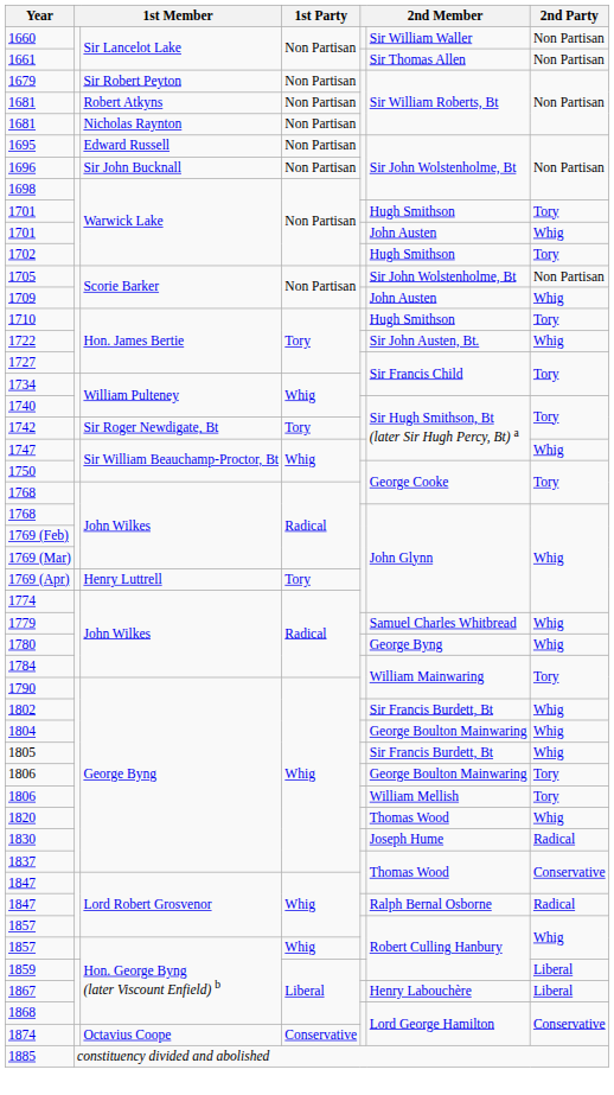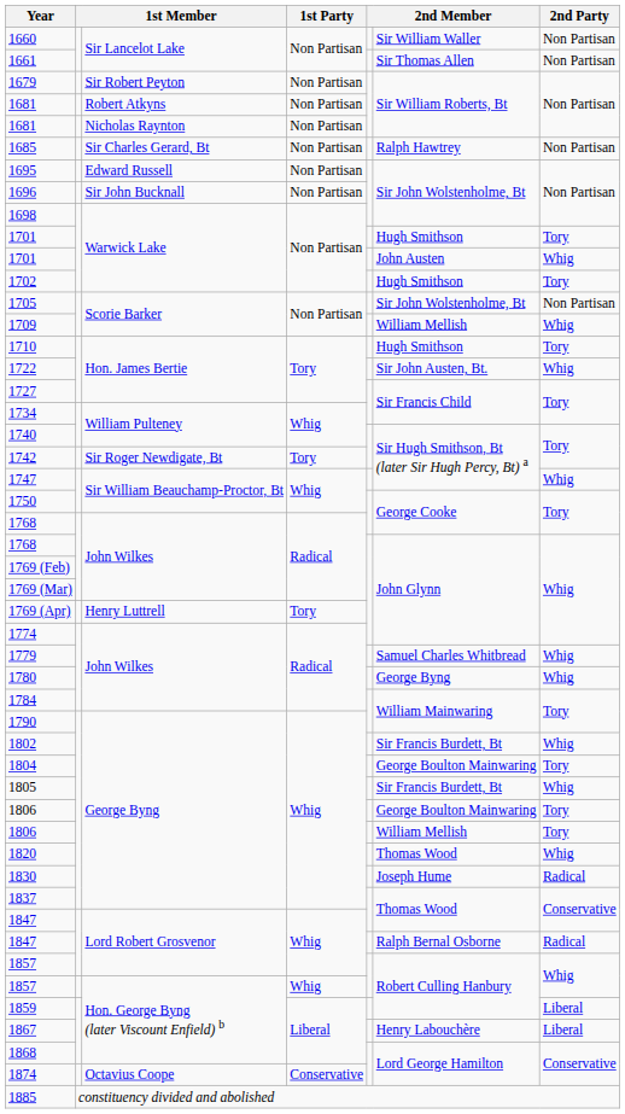 <table class="wikitable">
 <tr>
 <th>Year</th>
 <th colspan="2">1st Member</th>
 <th>1st Party</th>
 <th colspan="2">2nd Member</th>
 <th>2nd Party</th>
 </tr>
 <tr>
 <td><a href='#'>1660</a></td>
 <td rowspan="2" style="color:inherit;background-color: "></td>
 <td rowspan="2"><a href='#'>Sir Lancelot Lake</a></td>
 <td rowspan="2">Non Partisan</td>
 <td style="color:inherit;background-color: "></td>
 <td><a href='#'>Sir William Waller</a></td>
 <td>Non Partisan</td>
 </tr>
 <tr>
 <td><a href='#'>1661</a></td>
 <td style="color:inherit;background-color: "></td>
 <td><a href='#'>Sir Thomas Allen</a></td>
 <td>Non Partisan</td>
 </tr>
 <tr>
 <td><a href='#'>1679</a></td>
 <td style="color:inherit;background-color: "></td>
 <td><a href='#'>Sir Robert Peyton</a></td>
 <td>Non Partisan</td>
 <td rowspan="3" style="color:inherit;background-color: "></td>
 <td rowspan="3"><a href='#'>Sir William Roberts, Bt</a></td>
 <td rowspan="3">Non Partisan</td>
 </tr>
 <tr>
 <td><a href='#'>1681</a></td>
 <td style="color:inherit;background-color: "></td>
 <td><a href='#'>Robert Atkyns</a></td>
 <td>Non Partisan</td>
 </tr>
 <tr>
 <td><a href='#'>1681</a></td>
 <td style="color:inherit;background-color: "></td>
 <td><a href='#'>Nicholas Raynton</a></td>
+<td>Non Partisan</td>
+</tr>
+<tr>
+<td><a href='#'>1685</a></td>
+<td style="color:inherit;background-color: "></td>
+<td><a href='#'>Sir Charles Gerard, Bt</a></td>
+<td>Non Partisan</td>
+<td style="color:inherit;background-color: "></td>
+<td><a href='#'>Ralph Hawtrey</a></td>
 <td>Non Partisan</td>
 </tr>
 <tr>
 <td><a href='#'>1695</a></td>
 <td style="color:inherit;background-color: "></td>
 <td><a href='#'>Edward Russell</a></td>
 <td>Non Partisan</td>
 <td rowspan="3" style="color:inherit;background-color: "></td>
 <td rowspan="3"><a href='#'>Sir John Wolstenholme, Bt</a></td>
 <td rowspan="3">Non Partisan</td>
 </tr>
 <tr>
 <td><a href='#'>1696</a></td>
 <td style="color:inherit;background-color: "></td>
 <td><a href='#'>Sir John Bucknall</a></td>
 <td>Non Partisan</td>
 </tr>
 <tr>
 <td><a href='#'>1698</a></td>
 <td rowspan="4" style="color:inherit;background-color: "></td>
 <td rowspan="4"><a href='#'>Warwick Lake</a></td>
 <td rowspan="4">Non Partisan</td>
 </tr>
 <tr>
 <td><a href='#'>1701</a></td>
 <td style="color:inherit;background-color: "></td>
 <td><a href='#'>Hugh Smithson</a></td>
 <td><a href='#'>Tory</a></td>
 </tr>
 <tr>
 <td><a href='#'>1701</a></td>
 <td style="color:inherit;background-color: "></td>
 <td><a href='#'>John Austen</a></td>
 <td><a href='#'>Whig</a></td>
 </tr>
 <tr>
 <td><a href='#'>1702</a></td>
 <td style="color:inherit;background-color: "></td>
 <td><a href='#'>Hugh Smithson</a></td>
 <td><a href='#'>Tory</a></td>
 </tr>
 <tr>
 <td><a href='#'>1705</a></td>
 <td rowspan="2" style="color:inherit;background-color: "></td>
 <td rowspan="2"><a href='#'>Scorie Barker</a></td>
 <td rowspan="2">Non Partisan</td>
 <td style="color:inherit;background-color: "></td>
 <td><a href='#'>Sir John Wolstenholme, Bt</a></td>
 <td>Non Partisan</td>
 </tr>
 <tr>
 <td><a href='#'>1709</a></td>
 <td style="color:inherit;background-color: "></td>
-<td><a href='#'>John Austen</a></td>
+<td><a href='#'>William Mellish</a></td>
 <td><a href='#'>Whig</a></td>
 </tr>
 <tr>
 <td><a href='#'>1710</a></td>
 <td rowspan="3" style="color:inherit;background-color: "></td>
 <td rowspan="3"><a href='#'>Hon. James Bertie</a></td>
 <td rowspan="3"><a href='#'>Tory</a></td>
 <td style="color:inherit;background-color: "></td>
 <td><a href='#'>Hugh Smithson</a></td>
 <td><a href='#'>Tory</a></td>
 </tr>
 <tr>
 <td><a href='#'>1722</a></td>
 <td style="color:inherit;background-color: "></td>
 <td><a href='#'>Sir John Austen, Bt.</a></td>
 <td><a href='#'>Whig</a></td>
 </tr>
 <tr>
 <td><a href='#'>1727</a></td>
 <td rowspan="2" style="color:inherit;background-color: "></td>
 <td rowspan="2"><a href='#'>Sir Francis Child</a></td>
 <td rowspan="2"><a href='#'>Tory</a></td>
 </tr>
 <tr>
 <td><a href='#'>1734</a></td>
 <td rowspan="2" style="color:inherit;background-color: "></td>
 <td rowspan="2"><a href='#'>William Pulteney</a></td>
 <td rowspan="2"><a href='#'>Whig</a></td>
 </tr>
 <tr>
 <td><a href='#'>1740</a></td>
 <td rowspan="2" style="color:inherit;background-color: "></td>
 <td rowspan="3"><a href='#'>Sir Hugh Smithson, Bt</a> <br><em>(later Sir Hugh Percy, Bt)</em> <sup>a</sup></td>
 <td rowspan="2"><a href='#'>Tory</a></td>
 </tr>
 <tr>
 <td><a href='#'>1742</a></td>
 <td style="color:inherit;background-color: "></td>
 <td><a href='#'>Sir Roger Newdigate, Bt</a></td>
 <td><a href='#'>Tory</a></td>
 </tr>
 <tr>
 <td><a href='#'>1747</a></td>
 <td rowspan="2" style="color:inherit;background-color: "></td>
 <td rowspan="2"><a href='#'>Sir William Beauchamp-Proctor, Bt</a></td>
 <td rowspan="2"><a href='#'>Whig</a></td>
 <td style="color:inherit;background-color: "></td>
 <td><a href='#'>Whig</a></td>
 </tr>
 <tr>
 <td><a href='#'>1750</a></td>
 <td rowspan="2" style="color:inherit;background-color: "></td>
 <td rowspan="2"><a href='#'>George Cooke</a></td>
 <td rowspan="2"><a href='#'>Tory</a></td>
 </tr>
 <tr>
 <td><a href='#'>1768</a></td>
 <td rowspan="4" style="color:inherit;background-color: "></td>
 <td rowspan="4"><a href='#'>John Wilkes</a></td>
 <td rowspan="4"><a href='#'>Radical</a></td>
 </tr>
 <tr>
 <td><a href='#'>1768</a></td>
 <td rowspan="5" style="color:inherit;background-color: "></td>
 <td rowspan="5"><a href='#'>John Glynn</a></td>
 <td rowspan="5"><a href='#'>Whig</a></td>
 </tr>
 <tr>
 <td><a href='#'>1769 (Feb)</a></td>
 </tr>
 <tr>
 <td><a href='#'>1769 (Mar)</a></td>
 </tr>
 <tr>
 <td><a href='#'>1769 (Apr)</a></td>
 <td style="color:inherit;background-color: "></td>
 <td><a href='#'>Henry Luttrell</a></td>
 <td><a href='#'>Tory</a></td>
 </tr>
 <tr>
 <td><a href='#'>1774</a></td>
 <td rowspan="4" style="color:inherit;background-color: "></td>
 <td rowspan="4"><a href='#'>John Wilkes</a></td>
 <td rowspan="4"><a href='#'>Radical</a></td>
 </tr>
 <tr>
 <td><a href='#'>1779</a></td>
 <td style="color:inherit;background-color: "></td>
 <td><a href='#'>Samuel Charles Whitbread</a></td>
 <td><a href='#'>Whig</a></td>
 </tr>
 <tr>
 <td><a href='#'>1780</a></td>
 <td style="color:inherit;background-color: "></td>
 <td><a href='#'>George Byng</a></td>
 <td><a href='#'>Whig</a></td>
 </tr>
 <tr>
 <td><a href='#'>1784</a></td>
 <td rowspan="2" style="color:inherit;background-color: "></td>
 <td rowspan="2"><a href='#'>William Mainwaring</a></td>
 <td rowspan="2"><a href='#'>Tory</a></td>
 </tr>
 <tr>
 <td><a href='#'>1790</a></td>
 <td rowspan="9" style="color:inherit;background-color: "></td>
 <td rowspan="9"><a href='#'>George Byng</a></td>
 <td rowspan="9"><a href='#'>Whig</a></td>
 </tr>
 <tr>
 <td><a href='#'>1802</a></td>
 <td style="color:inherit;background-color: "></td>
 <td><a href='#'>Sir Francis Burdett, Bt</a></td>
 <td><a href='#'>Whig</a></td>
 </tr>
 <tr>
 <td><a href='#'>1804</a></td>
 <td style="color:inherit;background-color: "></td>
 <td><a href='#'>George Boulton Mainwaring</a></td>
-<td><a href='#'>Whig</a></td>
+<td><a href='#'>Tory</a></td>
 </tr>
 <tr>
 <td>1805</td>
 <td style="color:inherit;background-color: "></td>
 <td><a href='#'>Sir Francis Burdett, Bt</a></td>
 <td><a href='#'>Whig</a></td>
 </tr>
 <tr>
 <td>1806</td>
 <td style="color:inherit;background-color: "></td>
 <td><a href='#'>George Boulton Mainwaring</a></td>
 <td><a href='#'>Tory</a></td>
 </tr>
 <tr>
 <td><a href='#'>1806</a></td>
 <td style="color:inherit;background-color: "></td>
 <td><a href='#'>William Mellish</a></td>
 <td><a href='#'>Tory</a></td>
 </tr>
 <tr>
 <td><a href='#'>1820</a></td>
 <td style="color:inherit;background-color: "></td>
 <td><a href='#'>Thomas Wood</a></td>
 <td><a href='#'>Whig</a></td>
 </tr>
 <tr>
 <td><a href='#'>1830</a></td>
 <td style="color:inherit;background-color: "></td>
 <td><a href='#'>Joseph Hume</a></td>
 <td><a href='#'>Radical</a></td>
 </tr>
 <tr>
 <td><a href='#'>1837</a></td>
 <td rowspan="2" style="color:inherit;background-color: "></td>
 <td rowspan="2"><a href='#'>Thomas Wood</a></td>
 <td rowspan="2"><a href='#'>Conservative</a></td>
 </tr>
 <tr>
 <td><a href='#'>1847</a></td>
 <td rowspan="3" style="color:inherit;background-color: "></td>
 <td rowspan="3"><a href='#'>Lord Robert Grosvenor</a></td>
 <td rowspan="3"><a href='#'>Whig</a></td>
 </tr>
 <tr>
 <td><a href='#'>1847</a></td>
 <td style="color:inherit;background-color: "></td>
 <td><a href='#'>Ralph Bernal Osborne</a></td>
 <td><a href='#'>Radical</a></td>
 </tr>
 <tr>
 <td><a href='#'>1857</a></td>
 <td rowspan="2" style="color:inherit;background-color: "></td>
 <td rowspan="3"><a href='#'>Robert Culling Hanbury</a></td>
 <td rowspan="2"><a href='#'>Whig</a></td>
 </tr>
 <tr>
 <td><a href='#'>1857</a></td>
 <td style="color:inherit;background-color: "></td>
 <td rowspan="4"><a href='#'>Hon. George Byng</a> <br><em>(later Viscount Enfield)</em> <sup>b</sup></td>
 <td><a href='#'>Whig</a></td>
 </tr>
 <tr>
 <td><a href='#'>1859</a></td>
 <td rowspan="3" style="color:inherit;background-color: "></td>
 <td rowspan="3"><a href='#'>Liberal</a></td>
 <td style="color:inherit;background-color: "></td>
 <td><a href='#'>Liberal</a></td>
 </tr>
 <tr>
 <td><a href='#'>1867</a></td>
 <td style="color:inherit;background-color: "></td>
 <td><a href='#'>Henry Labouchère</a></td>
 <td><a href='#'>Liberal</a></td>
 </tr>
 <tr>
 <td><a href='#'>1868</a></td>
 <td rowspan="2" style="color:inherit;background-color: "></td>
 <td rowspan="2"><a href='#'>Lord George Hamilton</a></td>
 <td rowspan="2"><a href='#'>Conservative</a></td>
 </tr>
 <tr>
 <td><a href='#'>1874</a></td>
 <td style="color:inherit;background-color: "></td>
 <td><a href='#'>Octavius Coope</a></td>
 <td><a href='#'>Conservative</a></td>
 </tr>
 <tr>
 <td><a href='#'>1885</a></td>
 <td colspan="6"><em>constituency divided and abolished</em></td>
 </tr>
 </table>
